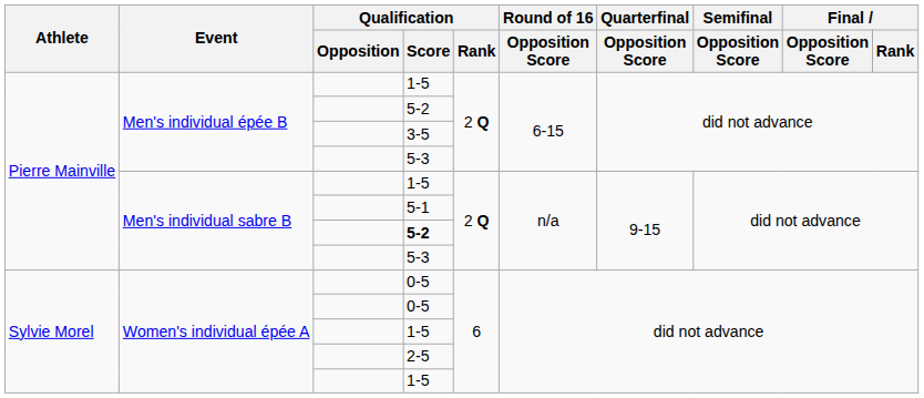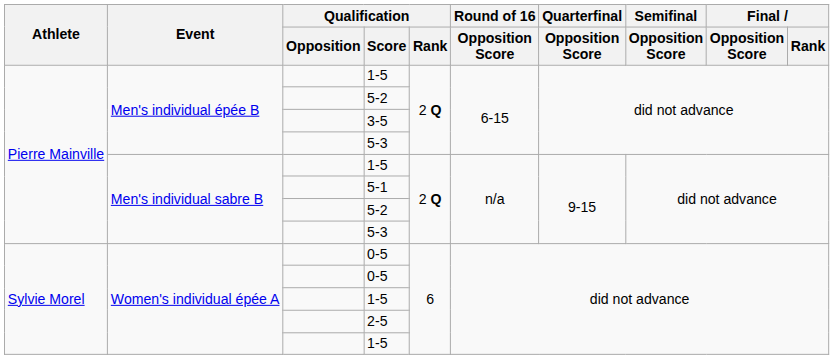 <table class=wikitable style="font-size:90%">
 <tr>
 <th rowspan="2">Athlete</th>
 <th rowspan="2">Event</th>
 <th colspan="3">Qualification</th>
 <th>Round of 16</th>
 <th>Quarterfinal</th>
 <th>Semifinal</th>
 <th colspan="2">Final / </th>
 </tr>
 <tr>
 <th>Opposition</th>
 <th>Score</th>
 <th>Rank</th>
 <th>Opposition<br>Score</th>
 <th>Opposition<br>Score</th>
 <th>Opposition<br>Score</th>
 <th>Opposition<br>Score</th>
 <th>Rank</th>
 </tr>
 <tr align=center>
 <td align=left rowspan=8><a href='#'>Pierre Mainville</a></td>
 <td align=left rowspan=4><a href='#'>Men's individual épée B</a></td>
 <td align=left></td>
 <td align=left>1-5</td>
 <td rowspan=4>2 <strong>Q</strong></td>
 <td rowspan=4><br>6-15</td>
 <td rowspan=4 colspan=4>did not advance</td>
 </tr>
 <tr>
 <td></td>
 <td>5-2</td>
 </tr>
 <tr>
 <td></td>
 <td>3-5</td>
 </tr>
 <tr>
 <td></td>
 <td>5-3</td>
 </tr>
 <tr align=center>
 <td align=left rowspan=4><a href='#'>Men's individual sabre B</a></td>
 <td align=left></td>
 <td align=left>1-5</td>
 <td rowspan=4>2 <strong>Q</strong></td>
 <td rowspan=4>n/a</td>
 <td rowspan=4><br>9-15</td>
 <td rowspan=4 colspan=3>did not advance</td>
 </tr>
 <tr>
 <td></td>
 <td>5-1</td>
 </tr>
 <tr>
 <td></td>
-<td><strong>5-2</strong></td>
+<td>5-2</td>
 </tr>
 <tr>
 <td></td>
 <td>5-3</td>
 </tr>
 <tr align=center>
 <td align=left rowspan=5><a href='#'>Sylvie Morel</a></td>
 <td align=left rowspan=5><a href='#'>Women's individual épée A</a></td>
 <td align=left></td>
 <td align=left>0-5</td>
 <td rowspan=5>6</td>
 <td rowspan=5 colspan=5>did not advance</td>
 </tr>
 <tr>
 <td></td>
 <td>0-5</td>
 </tr>
 <tr>
 <td></td>
 <td>1-5</td>
 </tr>
 <tr>
 <td></td>
 <td>2-5</td>
 </tr>
 <tr>
 <td></td>
 <td>1-5</td>
 </tr>
 </table>
